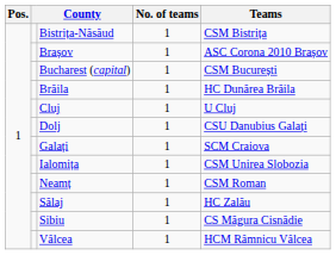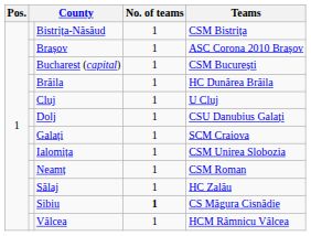 <table class="wikitable">
 <tr>
 <th>Pos.</th>
 <th colspan=2><a href='#'>County</a></th>
 <th>No. of teams</th>
 <th>Teams</th>
 </tr>
 <tr>
 <td rowspan="14" align="center">1</td>
 <td align=center></td>
 <td><a href='#'>Bistrița-Năsăud</a></td>
 <td align="center">1</td>
 <td><a href='#'>CSM Bistrița</a></td>
 </tr>
 <tr>
 <td align=center></td>
 <td><a href='#'>Brașov</a></td>
 <td align="center">1</td>
 <td><a href='#'>ASC Corona 2010 Brașov</a></td>
 </tr>
 <tr>
 <td align=center></td>
 <td><a href='#'>Bucharest</a> (<em><a href='#'>capital</a></em>)</td>
 <td align="center">1</td>
 <td><a href='#'>CSM București</a></td>
 </tr>
 <tr>
 <td align=center></td>
 <td><a href='#'>Brăila</a></td>
 <td align="center">1</td>
 <td><a href='#'>HC Dunărea Brăila</a></td>
 </tr>
 <tr>
 <td align=center></td>
 <td><a href='#'>Cluj</a></td>
 <td align="center">1</td>
 <td><a href='#'>U Cluj</a></td>
 </tr>
 <tr>
 <td align=center></td>
 <td><a href='#'>Dolj</a></td>
 <td align="center">1</td>
 <td><a href='#'>CSU Danubius Galați</a></td>
 </tr>
 <tr>
 <td align=center></td>
 <td><a href='#'>Galați</a></td>
 <td align="center">1</td>
 <td><a href='#'>SCM Craiova</a></td>
 </tr>
 <tr>
 <td align=center></td>
 <td><a href='#'>Ialomița</a></td>
 <td align="center">1</td>
 <td><a href='#'>CSM Unirea Slobozia</a></td>
 </tr>
 <tr>
 <td align=center></td>
 <td><a href='#'>Neamț</a></td>
 <td align="center">1</td>
 <td><a href='#'>CSM Roman</a></td>
 </tr>
 <tr>
 <td align=center></td>
 <td><a href='#'>Sălaj</a></td>
 <td align="center">1</td>
 <td><a href='#'>HC Zalău</a></td>
 </tr>
 <tr>
 <td align=center></td>
 <td><a href='#'>Sibiu</a></td>
-<td align="center">1</td>
+<td align="center"><strong>1</strong></td>
 <td><a href='#'>CS Măgura Cisnădie</a></td>
 </tr>
 <tr>
 <td align=center></td>
 <td><a href='#'>Vâlcea</a></td>
 <td align="center">1</td>
 <td><a href='#'>HCM Râmnicu Vâlcea</a></td>
 </tr>
 </table>
